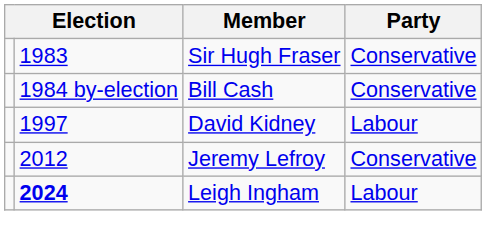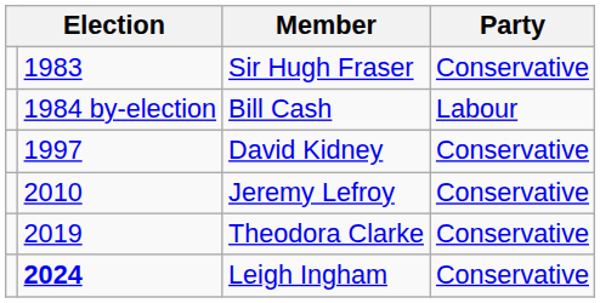 <table class="wikitable">
 <tr>
 <th colspan="2">Election</th>
 <th>Member</th>
 <th>Party</th>
 </tr>
 <tr>
 <td style="color:inherit;background-color: "></td>
 <td><a href='#'>1983</a></td>
 <td><a href='#'>Sir Hugh Fraser</a></td>
 <td><a href='#'>Conservative</a></td>
 </tr>
 <tr>
 <td style="color:inherit;background-color: "></td>
 <td><a href='#'>1984 by-election</a></td>
 <td><a href='#'>Bill Cash</a></td>
-<td><a href='#'>Conservative</a></td>
+<td><a href='#'>Labour</a></td>
 </tr>
 <tr>
 <td style="color:inherit;background-color: "></td>
 <td><a href='#'>1997</a></td>
 <td><a href='#'>David Kidney</a></td>
-<td><a href='#'>Labour</a></td>
+<td><a href='#'>Conservative</a></td>
 </tr>
 <tr>
 <td style="color:inherit;background-color: "></td>
-<td><a href='#'>2012</a></td>
+<td><a href='#'>2010</a></td>
 <td><a href='#'>Jeremy Lefroy</a></td>
+<td><a href='#'>Conservative</a></td>
+</tr>
+<tr>
+<td style="color:inherit;background-color: "></td>
+<td><a href='#'>2019</a></td>
+<td><a href='#'>Theodora Clarke</a></td>
 <td><a href='#'>Conservative</a></td>
 </tr>
 <tr>
 <td style="color:inherit;background-color: "></td>
 <td><strong><a href='#'>2024</a></strong></td>
 <td><a href='#'>Leigh Ingham</a></td>
-<td><a href='#'>Labour</a></td>
+<td><a href='#'>Conservative</a></td>
 </tr>
 </table>
